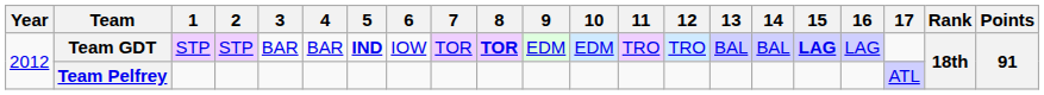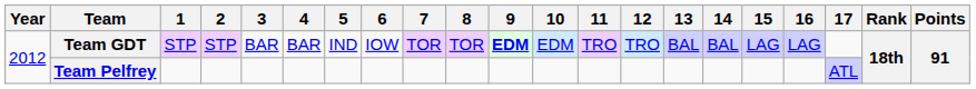 <table class="wikitable" style="text-align:center; font-size:85%">
 <tr>
 <th>Year</th>
 <th>Team</th>
 <th>1</th>
 <th>2</th>
 <th>3</th>
 <th>4</th>
 <th>5</th>
 <th>6</th>
 <th>7</th>
 <th>8</th>
 <th>9</th>
 <th>10</th>
 <th>11</th>
 <th>12</th>
 <th>13</th>
 <th>14</th>
 <th>15</th>
 <th>16</th>
 <th>17</th>
 <th>Rank</th>
 <th>Points</th>
 </tr>
 <tr>
 <td rowspan=2><a href='#'>2012</a></td>
 <th nowrap>Team GDT</th>
 <td style="background:#EFCFFF;"><a href='#'>STP</a><br></td>
 <td style="background:#EFCFFF;"><a href='#'>STP</a><br></td>
 <td><a href='#'>BAR</a></td>
 <td><a href='#'>BAR</a></td>
-<td><strong><a href='#'>IND</a></strong></td>
+<td><a href='#'>IND</a></td>
 <td><a href='#'>IOW</a></td>
 <td style="background:#EFCFFF;"><a href='#'>TOR</a><br></td>
-<td style="background:#EFCFFF;"><strong><a href='#'>TOR</a><br></strong></td>
-<td style="background:#DFFFDF;"><a href='#'>EDM</a><br></td>
+<td style="background:#EFCFFF;"><a href='#'>TOR</a><br></td>
+<td style="background:#DFFFDF;"><strong><a href='#'>EDM</a><br></strong></td>
 <td style="background:#CFEAFF;"><a href='#'>EDM</a><br></td>
 <td style="background:#EFCFFF;"><a href='#'>TRO</a><br></td>
 <td style="background:#CFEAFF;"><a href='#'>TRO</a><br></td>
 <td style="background:#CFCFFF;"><a href='#'>BAL</a><br></td>
 <td style="background:#CFCFFF;"><a href='#'>BAL</a><br></td>
-<td style="background:#CFCFFF;"><strong><a href='#'>LAG</a><br></strong></td>
+<td style="background:#CFCFFF;"><a href='#'>LAG</a><br></td>
 <td style="background:#CFCFFF;"><a href='#'>LAG</a><br></td>
 <td></td>
 <th rowspan=2>18th</th>
 <th rowspan=2>91</th>
 </tr>
 <tr>
 <th nowrap><a href='#'>Team Pelfrey</a></th>
 <td></td>
 <td></td>
 <td></td>
 <td></td>
 <td></td>
 <td></td>
 <td></td>
 <td></td>
 <td></td>
 <td></td>
 <td></td>
 <td></td>
 <td></td>
 <td></td>
 <td></td>
 <td></td>
 <td style="background:#CFCFFF;"><a href='#'>ATL</a><br></td>
 </tr>
 </table>
